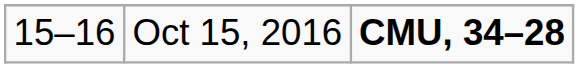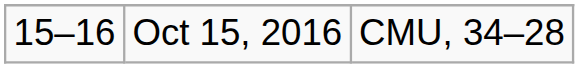 <table class="wikitable">
 <tr align="center">
 </tr>
 <tr align="center">
 <td>15–16</td>
 <td>Oct 15, 2016</td>
-<td><strong>CMU, 34–28</strong></td>
+<td>CMU, 34–28</td>
 </tr>
 </table>
